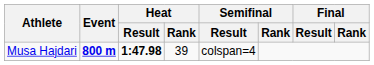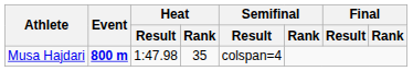 <table class="wikitable">
 <tr>
 <th rowspan="2">Athlete</th>
 <th rowspan="2">Event</th>
 <th colspan="2">Heat</th>
 <th colspan="2">Semifinal</th>
 <th colspan="2">Final</th>
 </tr>
 <tr>
 <th>Result</th>
 <th>Rank</th>
 <th>Result</th>
 <th>Rank</th>
 <th>Result</th>
 <th>Rank</th>
 </tr>
 <tr style=text-align:center>
 <td style=text-align:left><a href='#'>Musa Hajdari</a></td>
 <td style=text-align:left><strong><a href='#'>800 m</a></strong></td>
-<td><strong>1:47.98</strong></td>
-<td>39</td>
+<td>1:47.98</td>
+<td>35</td>
 <td>colspan=4 </td>
 </tr>
 </table>
